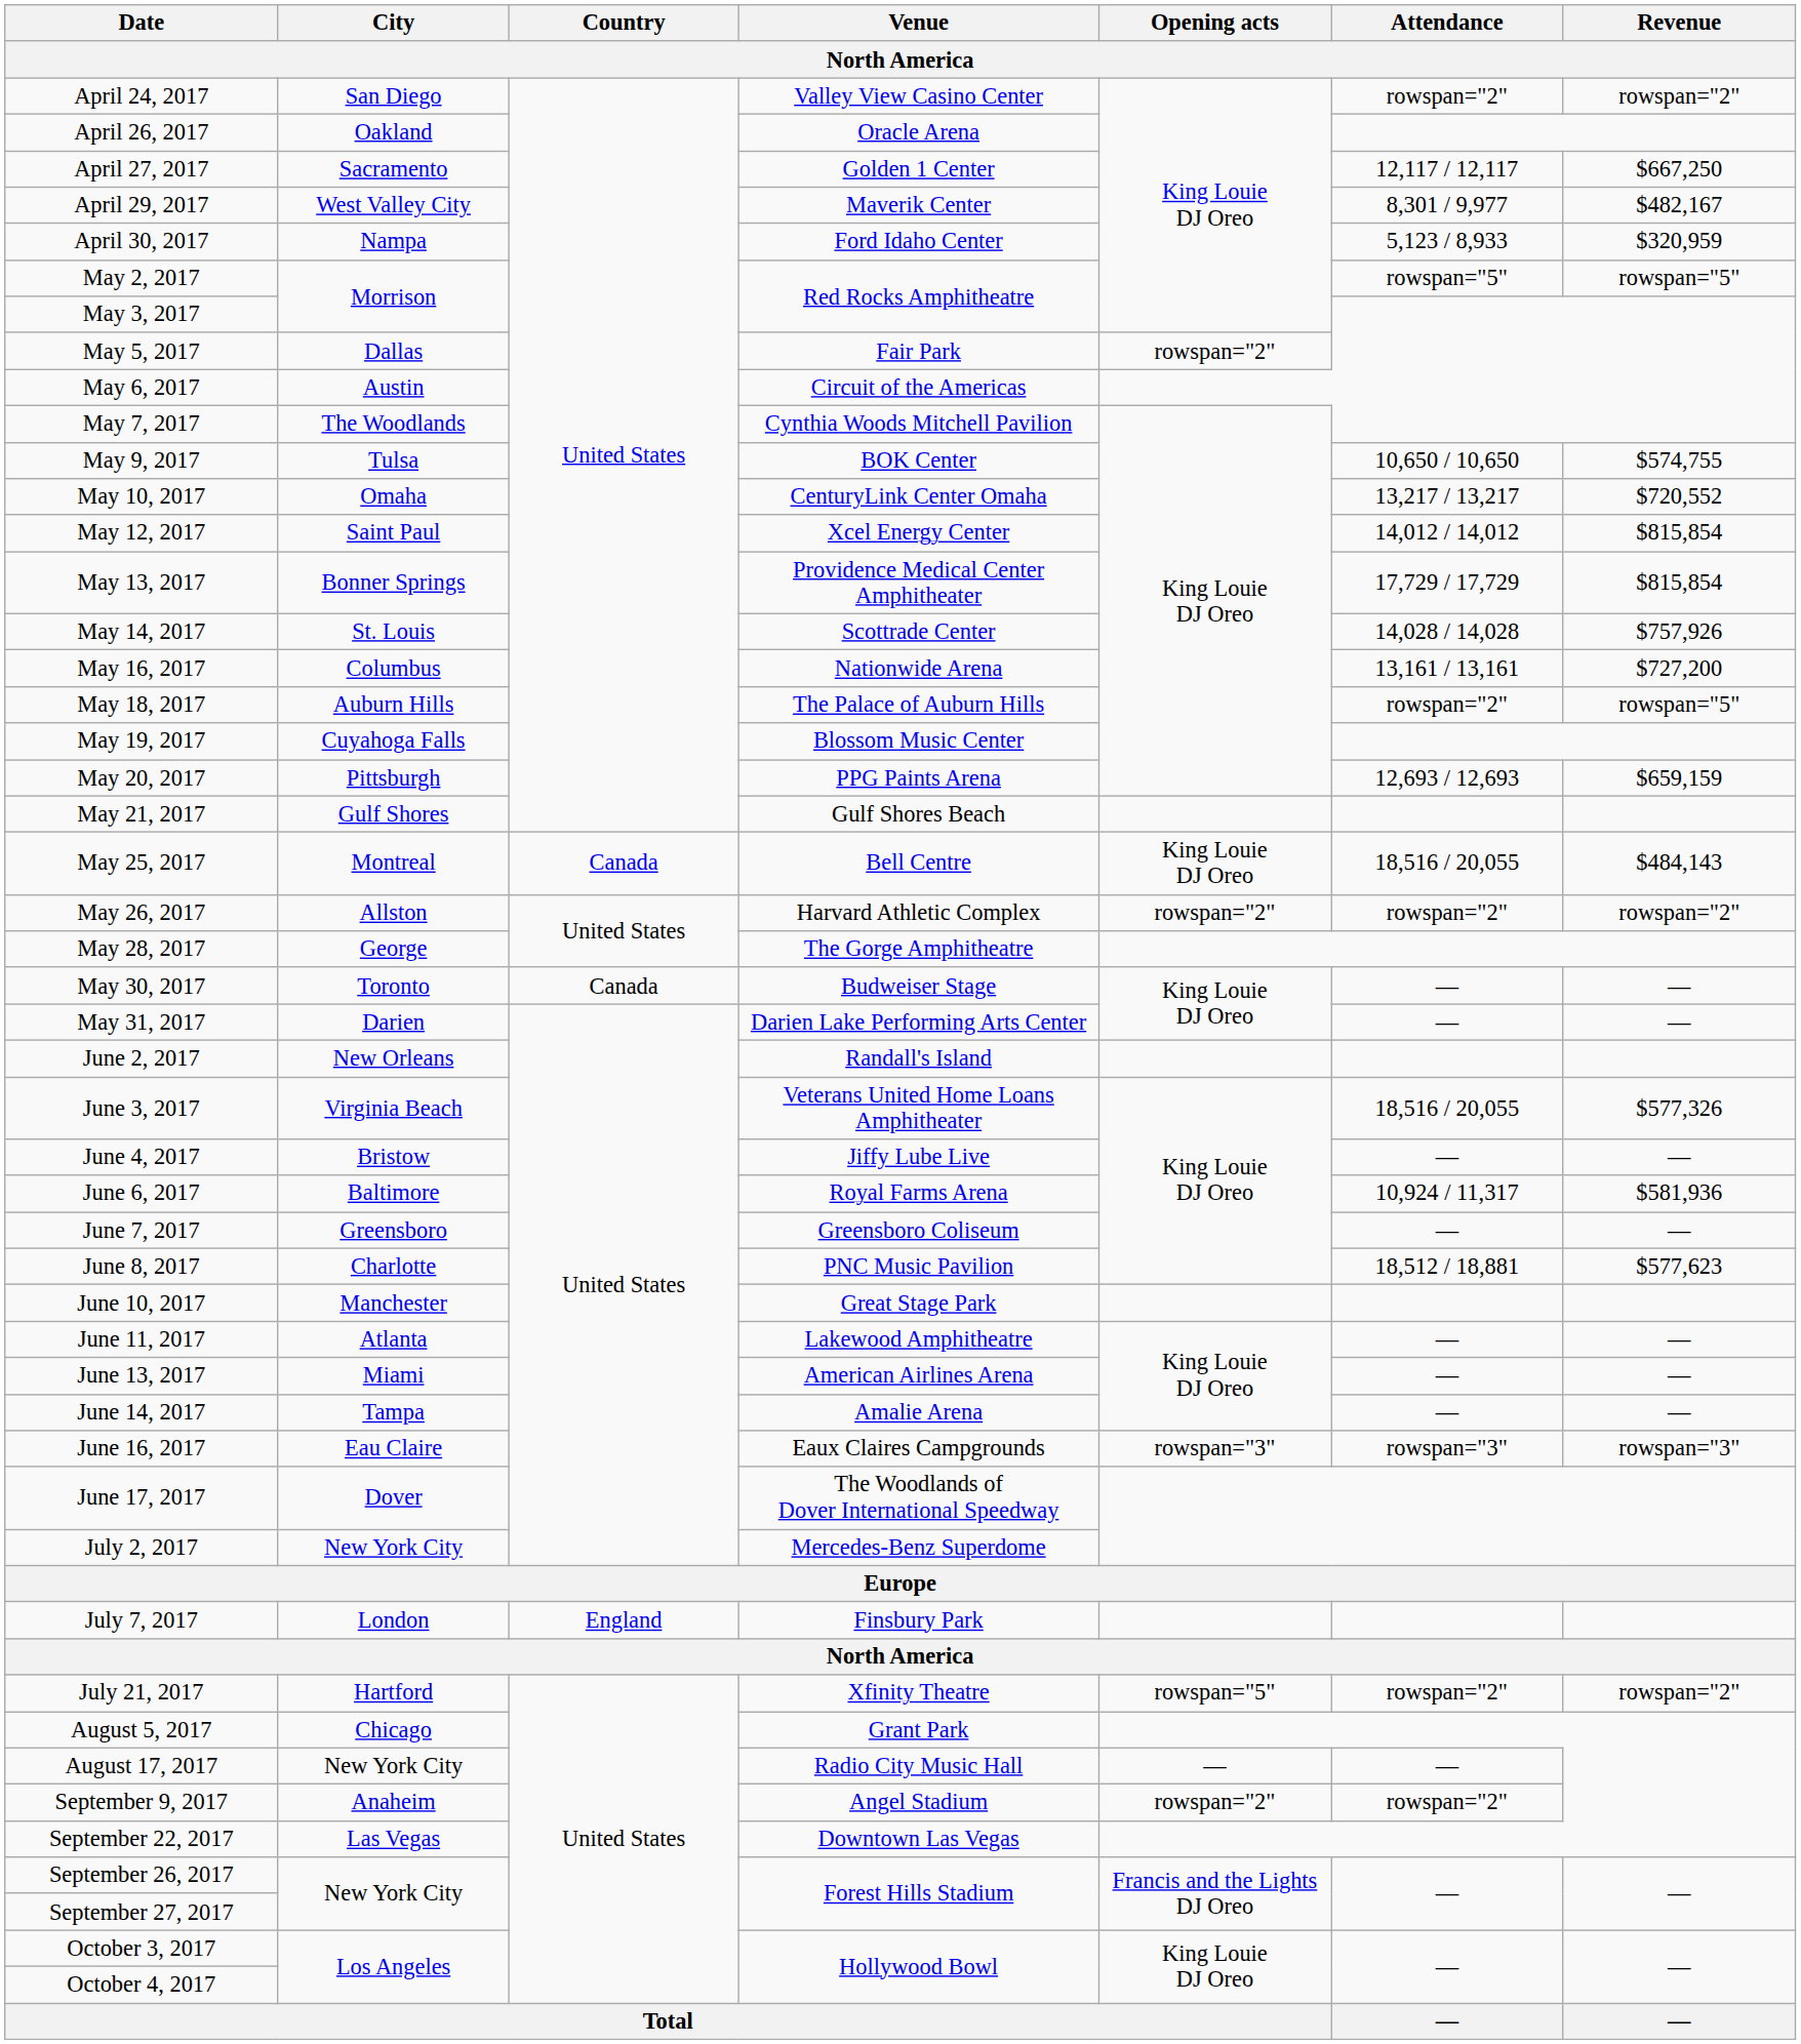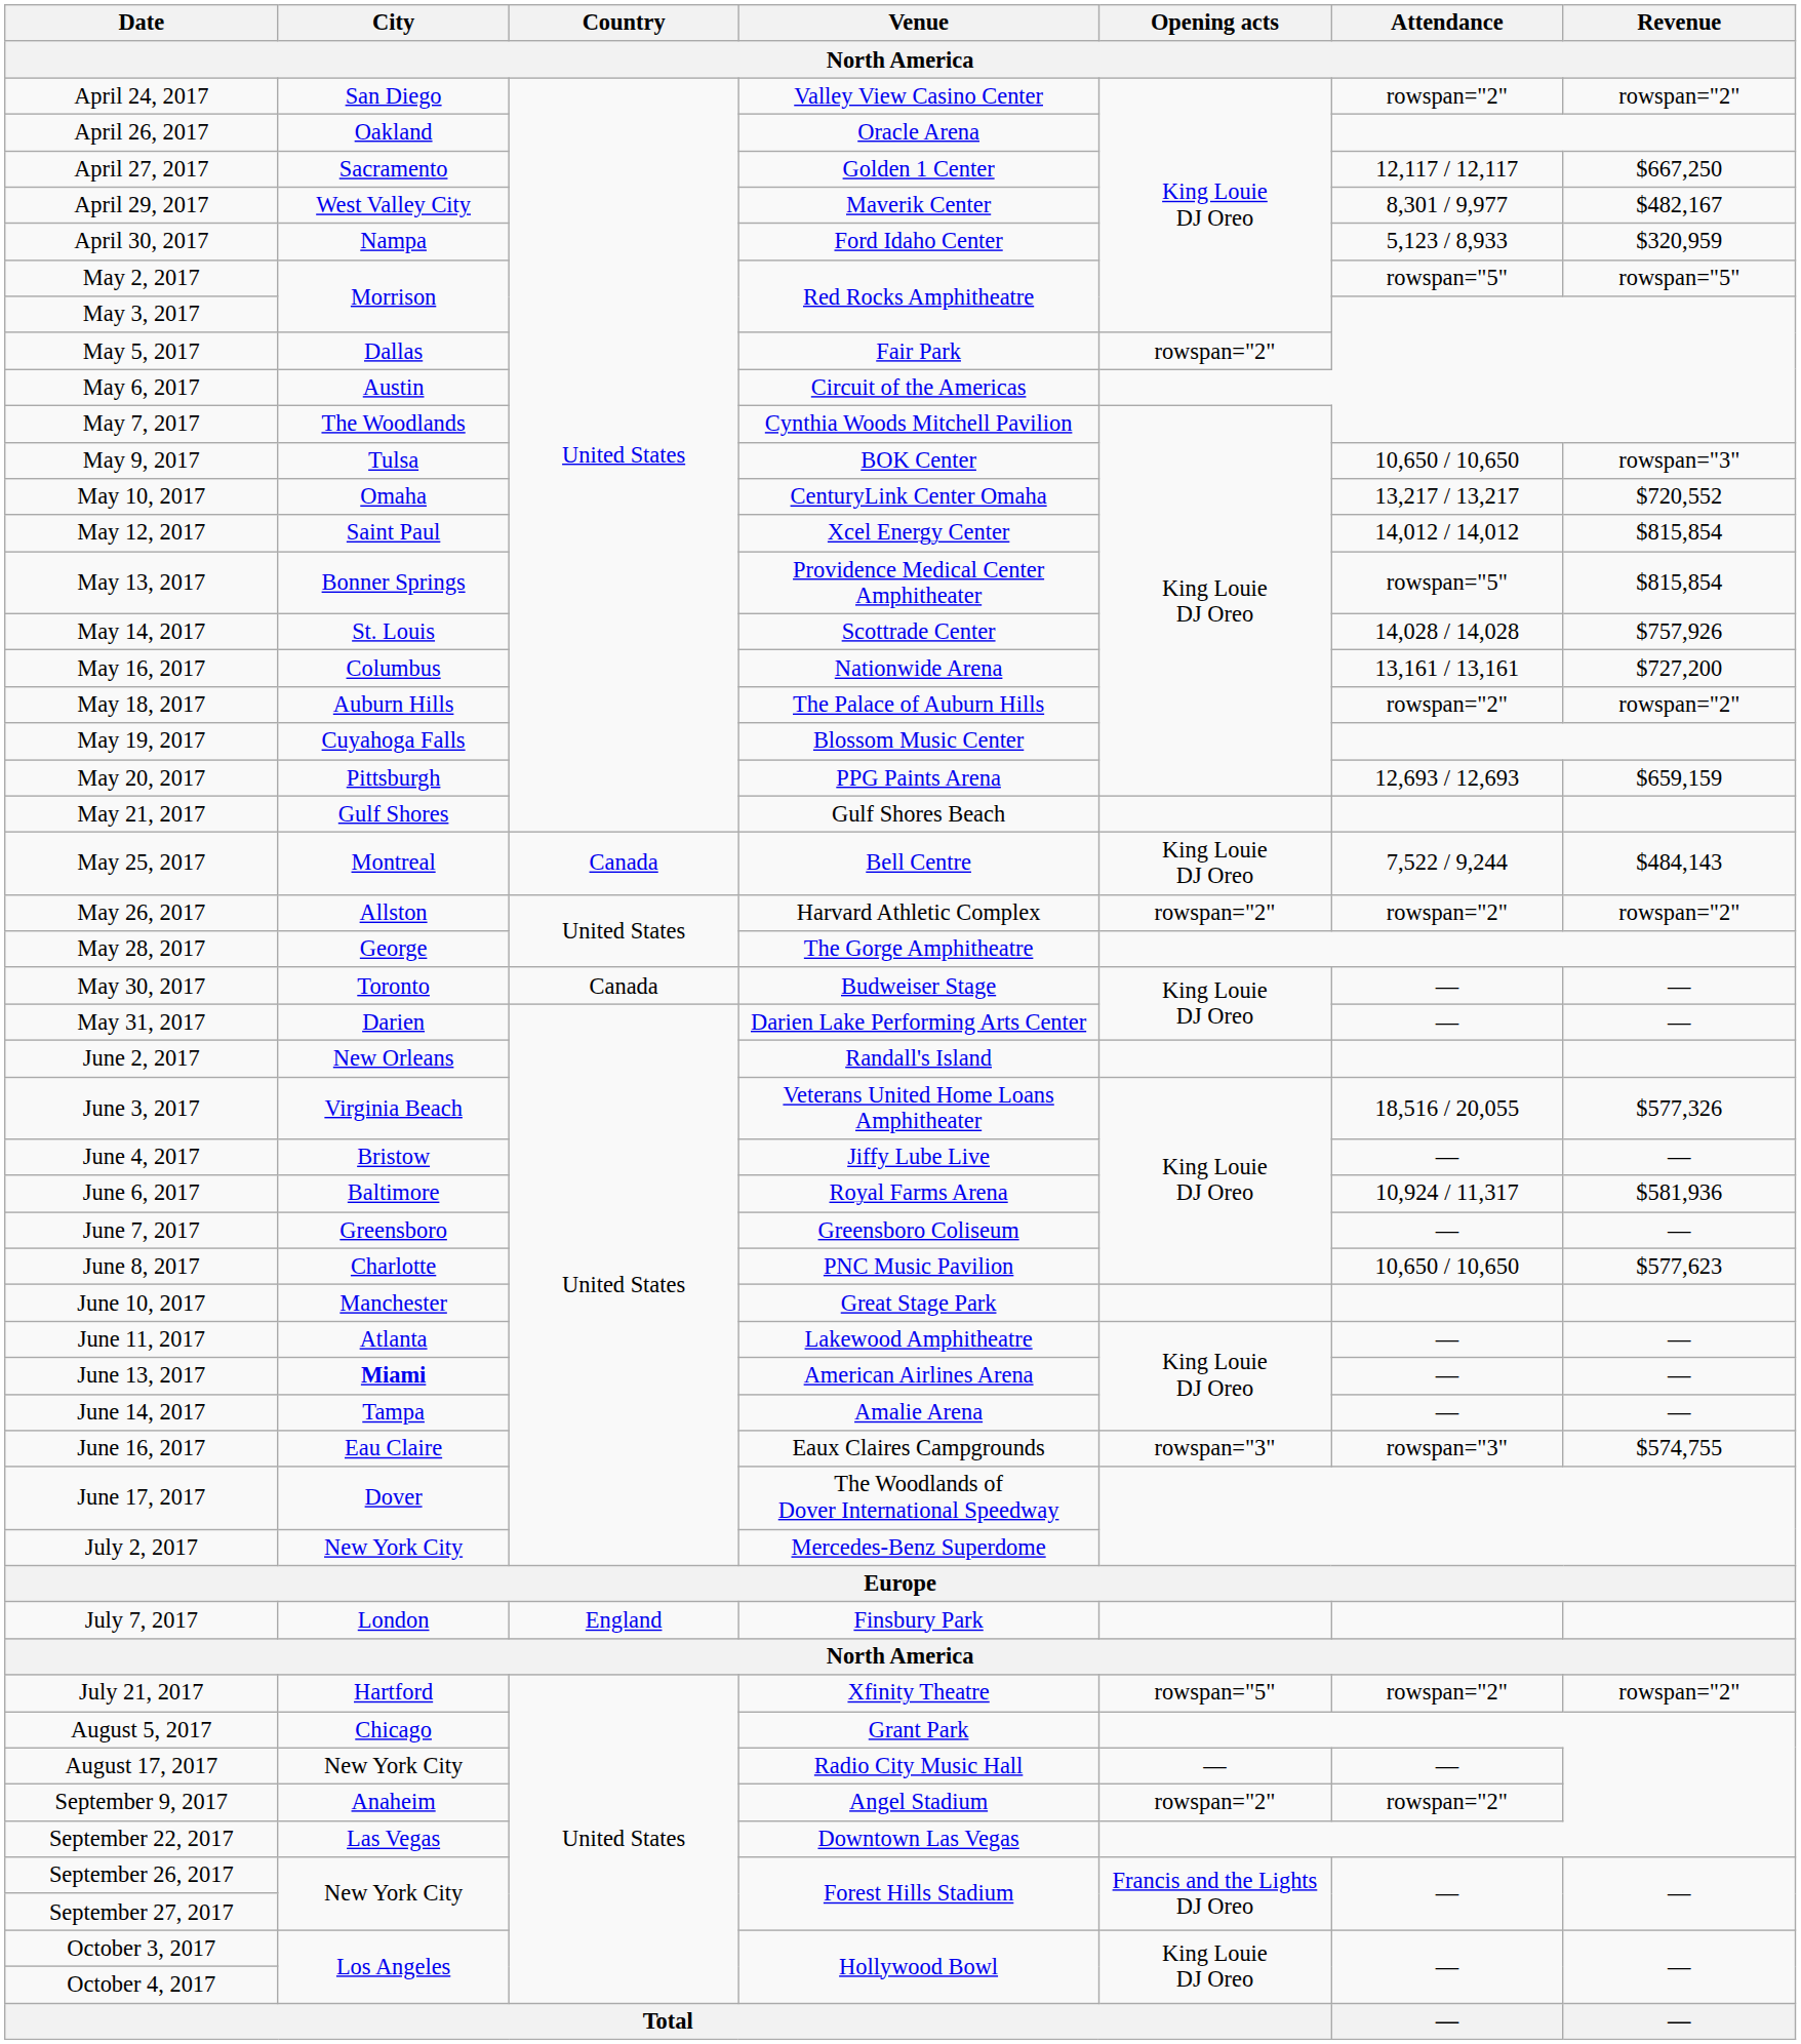 <table class="wikitable" style="text-align:center;">
 <tr>
 <th scope="col" style="width:12em;">Date</th>
 <th scope="col" style="width:10em;">City</th>
 <th scope="col" style="width:10em;">Country</th>
 <th scope="col" style="width:16em;">Venue</th>
 <th scope="col" style="width:10em;">Opening acts</th>
 <th scope="col" style="width:10em;">Attendance</th>
 <th scope="col" style="width:10em;">Revenue</th>
 </tr>
 <tr>
 <th colspan="7">North America</th>
 </tr>
 <tr>
 <td>April 24, 2017</td>
 <td><a href='#'>San Diego</a></td>
 <td rowspan="20"><a href='#'>United States</a></td>
 <td><a href='#'>Valley View Casino Center</a></td>
 <td rowspan="7"><a href='#'>King Louie</a><br>DJ Oreo</td>
 <td>rowspan="2" </td>
 <td>rowspan="2" </td>
 </tr>
 <tr>
 <td>April 26, 2017</td>
 <td><a href='#'>Oakland</a></td>
 <td><a href='#'>Oracle Arena</a></td>
 </tr>
 <tr>
 <td>April 27, 2017</td>
 <td><a href='#'>Sacramento</a></td>
 <td><a href='#'>Golden 1 Center</a></td>
 <td>12,117 / 12,117</td>
 <td>$667,250</td>
 </tr>
 <tr>
 <td>April 29, 2017</td>
 <td><a href='#'>West Valley City</a></td>
 <td><a href='#'>Maverik Center</a></td>
 <td>8,301 / 9,977</td>
 <td>$482,167</td>
 </tr>
 <tr>
 <td>April 30, 2017</td>
 <td><a href='#'>Nampa</a></td>
 <td><a href='#'>Ford Idaho Center</a></td>
 <td>5,123 / 8,933</td>
 <td>$320,959</td>
 </tr>
 <tr>
 <td>May 2, 2017</td>
 <td rowspan="2"><a href='#'>Morrison</a></td>
 <td rowspan="2"><a href='#'>Red Rocks Amphitheatre</a></td>
 <td>rowspan="5" </td>
 <td>rowspan="5" </td>
 </tr>
 <tr>
 <td>May 3, 2017</td>
 </tr>
 <tr>
 <td>May 5, 2017</td>
 <td><a href='#'>Dallas</a></td>
 <td><a href='#'>Fair Park</a></td>
 <td>rowspan="2" </td>
 </tr>
 <tr>
 <td>May 6, 2017</td>
 <td><a href='#'>Austin</a></td>
 <td><a href='#'>Circuit of the Americas</a></td>
 </tr>
 <tr>
 <td>May 7, 2017</td>
 <td><a href='#'>The Woodlands</a></td>
 <td><a href='#'>Cynthia Woods Mitchell Pavilion</a></td>
 <td rowspan="10">King Louie<br>DJ Oreo</td>
 </tr>
 <tr>
 <td>May 9, 2017</td>
 <td><a href='#'>Tulsa</a></td>
 <td><a href='#'>BOK Center</a></td>
 <td>10,650 / 10,650</td>
-<td>$574,755</td>
+<td>rowspan="3" </td>
 </tr>
 <tr>
 <td>May 10, 2017</td>
 <td><a href='#'>Omaha</a></td>
 <td><a href='#'>CenturyLink Center Omaha</a></td>
 <td>13,217 / 13,217</td>
 <td>$720,552</td>
 </tr>
 <tr>
 <td>May 12, 2017</td>
 <td><a href='#'>Saint Paul</a></td>
 <td><a href='#'>Xcel Energy Center</a></td>
 <td>14,012 / 14,012</td>
 <td>$815,854</td>
 </tr>
 <tr>
 <td>May 13, 2017</td>
 <td><a href='#'>Bonner Springs</a></td>
 <td><a href='#'>Providence Medical Center Amphitheater</a></td>
-<td>17,729 / 17,729</td>
+<td>rowspan="5" </td>
 <td>$815,854</td>
 </tr>
 <tr>
 <td>May 14, 2017</td>
 <td><a href='#'>St. Louis</a></td>
 <td><a href='#'>Scottrade Center</a></td>
 <td>14,028 / 14,028</td>
 <td>$757,926</td>
 </tr>
 <tr>
 <td>May 16, 2017</td>
 <td><a href='#'>Columbus</a></td>
 <td><a href='#'>Nationwide Arena</a></td>
 <td>13,161 / 13,161</td>
 <td>$727,200</td>
 </tr>
 <tr>
 <td>May 18, 2017</td>
 <td><a href='#'>Auburn Hills</a></td>
 <td><a href='#'>The Palace of Auburn Hills</a></td>
 <td>rowspan="2" </td>
-<td>rowspan="5" </td>
+<td>rowspan="2" </td>
 </tr>
 <tr>
 <td>May 19, 2017</td>
 <td><a href='#'>Cuyahoga Falls</a></td>
 <td><a href='#'>Blossom Music Center</a></td>
 </tr>
 <tr>
 <td>May 20, 2017</td>
 <td><a href='#'>Pittsburgh</a></td>
 <td><a href='#'>PPG Paints Arena</a></td>
 <td>12,693 / 12,693</td>
 <td>$659,159</td>
 </tr>
 <tr>
 <td>May 21, 2017</td>
 <td><a href='#'>Gulf Shores</a></td>
 <td>Gulf Shores Beach</td>
 <td></td>
 <td></td>
 <td></td>
 </tr>
 <tr>
 <td>May 25, 2017</td>
 <td><a href='#'>Montreal</a></td>
 <td><a href='#'>Canada</a></td>
 <td><a href='#'>Bell Centre</a></td>
 <td>King Louie<br>DJ Oreo</td>
-<td>18,516 / 20,055</td>
+<td>7,522 / 9,244</td>
 <td>$484,143</td>
 </tr>
 <tr>
 <td>May 26, 2017</td>
 <td><a href='#'>Allston</a></td>
 <td rowspan="2">United States</td>
 <td>Harvard Athletic Complex</td>
 <td>rowspan="2" </td>
 <td>rowspan="2" </td>
 <td>rowspan="2" </td>
 </tr>
 <tr>
 <td>May 28, 2017</td>
 <td><a href='#'>George</a></td>
 <td><a href='#'>The Gorge Amphitheatre</a></td>
 </tr>
 <tr>
 <td>May 30, 2017</td>
 <td><a href='#'>Toronto</a></td>
 <td>Canada</td>
 <td><a href='#'>Budweiser Stage</a></td>
 <td rowspan="2">King Louie<br>DJ Oreo</td>
 <td>—</td>
 <td>—</td>
 </tr>
 <tr>
 <td>May 31, 2017</td>
 <td><a href='#'>Darien</a></td>
 <td rowspan="14">United States</td>
 <td><a href='#'>Darien Lake Performing Arts Center</a></td>
 <td>—</td>
 <td>—</td>
 </tr>
 <tr>
 <td>June 2, 2017</td>
 <td><a href='#'>New Orleans</a></td>
 <td><a href='#'>Randall's Island</a></td>
 <td></td>
 <td></td>
 <td></td>
 </tr>
 <tr>
 <td>June 3, 2017</td>
 <td><a href='#'>Virginia Beach</a></td>
 <td><a href='#'>Veterans United Home Loans Amphitheater</a></td>
 <td rowspan="5">King Louie<br>DJ Oreo</td>
 <td>18,516 / 20,055</td>
 <td>$577,326</td>
 </tr>
 <tr>
 <td>June 4, 2017</td>
 <td><a href='#'>Bristow</a></td>
 <td><a href='#'>Jiffy Lube Live</a></td>
 <td>—</td>
 <td>—</td>
 </tr>
 <tr>
 <td>June 6, 2017</td>
 <td><a href='#'>Baltimore</a></td>
 <td><a href='#'>Royal Farms Arena</a></td>
 <td>10,924 / 11,317</td>
 <td>$581,936</td>
 </tr>
 <tr>
 <td>June 7, 2017</td>
 <td><a href='#'>Greensboro</a></td>
 <td><a href='#'>Greensboro Coliseum</a></td>
 <td>—</td>
 <td>—</td>
 </tr>
 <tr>
 <td>June 8, 2017</td>
 <td><a href='#'>Charlotte</a></td>
 <td><a href='#'>PNC Music Pavilion</a></td>
-<td>18,512 / 18,881</td>
+<td>10,650 / 10,650</td>
 <td>$577,623</td>
 </tr>
 <tr>
 <td>June 10, 2017</td>
 <td><a href='#'>Manchester</a></td>
 <td><a href='#'>Great Stage Park</a></td>
 <td></td>
 <td></td>
 <td></td>
 </tr>
 <tr>
 <td>June 11, 2017</td>
 <td><a href='#'>Atlanta</a></td>
 <td><a href='#'>Lakewood Amphitheatre</a></td>
 <td rowspan="3">King Louie<br>DJ Oreo</td>
 <td>—</td>
 <td>—</td>
 </tr>
 <tr>
 <td>June 13, 2017</td>
-<td><a href='#'>Miami</a></td>
+<td><strong><a href='#'>Miami</a></strong></td>
 <td><a href='#'>American Airlines Arena</a></td>
 <td>—</td>
 <td>—</td>
 </tr>
 <tr>
 <td>June 14, 2017</td>
 <td><a href='#'>Tampa</a></td>
 <td><a href='#'>Amalie Arena</a></td>
 <td>—</td>
 <td>—</td>
 </tr>
 <tr>
 <td>June 16, 2017</td>
 <td><a href='#'>Eau Claire</a></td>
 <td>Eaux Claires Campgrounds</td>
 <td>rowspan="3" </td>
 <td>rowspan="3" </td>
-<td>rowspan="3" </td>
+<td>$574,755</td>
 </tr>
 <tr>
 <td>June 17, 2017</td>
 <td><a href='#'>Dover</a></td>
 <td>The Woodlands of<br><a href='#'>Dover International Speedway</a></td>
 </tr>
 <tr>
 <td>July 2, 2017</td>
 <td><a href='#'>New York City</a></td>
 <td><a href='#'>Mercedes-Benz Superdome</a></td>
 </tr>
 <tr>
 <th colspan="7">Europe</th>
 </tr>
 <tr>
 <td>July 7, 2017</td>
 <td><a href='#'>London</a></td>
 <td><a href='#'>England</a></td>
 <td><a href='#'>Finsbury Park</a></td>
 <td></td>
 <td></td>
 <td></td>
 </tr>
 <tr>
 <th colspan="7">North America</th>
 </tr>
 <tr>
 <td>July 21, 2017</td>
 <td><a href='#'>Hartford</a></td>
 <td rowspan="9">United States</td>
 <td><a href='#'>Xfinity Theatre</a></td>
 <td>rowspan="5" </td>
 <td>rowspan="2" </td>
 <td>rowspan="2" </td>
 </tr>
 <tr>
 <td>August 5, 2017</td>
 <td><a href='#'>Chicago</a></td>
 <td><a href='#'>Grant Park</a></td>
 </tr>
 <tr>
 <td>August 17, 2017</td>
 <td>New York City</td>
 <td><a href='#'>Radio City Music Hall</a></td>
 <td>—</td>
 <td>—</td>
 </tr>
 <tr>
 <td>September 9, 2017</td>
 <td><a href='#'>Anaheim</a></td>
 <td><a href='#'>Angel Stadium</a></td>
 <td>rowspan="2" </td>
 <td>rowspan="2" </td>
 </tr>
 <tr>
 <td>September 22, 2017</td>
 <td><a href='#'>Las Vegas</a></td>
 <td><a href='#'>Downtown Las Vegas</a></td>
 </tr>
 <tr>
 <td>September 26, 2017</td>
 <td rowspan="2">New York City</td>
 <td rowspan="2"><a href='#'>Forest Hills Stadium</a></td>
 <td rowspan="2"><a href='#'>Francis and the Lights</a><br>DJ Oreo</td>
 <td rowspan="2">—</td>
 <td rowspan="2">—</td>
 </tr>
 <tr>
 <td>September 27, 2017</td>
 </tr>
 <tr>
 <td>October 3, 2017</td>
 <td rowspan="2"><a href='#'>Los Angeles</a></td>
 <td rowspan="2"><a href='#'>Hollywood Bowl</a></td>
 <td rowspan="2">King Louie<br>DJ Oreo</td>
 <td rowspan="2">—</td>
 <td rowspan="2">—</td>
 </tr>
 <tr>
 <td>October 4, 2017</td>
 </tr>
 <tr>
 <th colspan="5">Total</th>
 <th>—</th>
 <th>—</th>
 </tr>
 </table>
